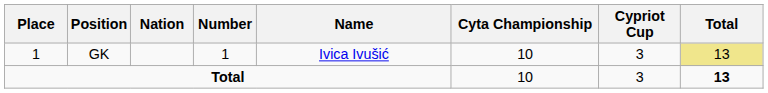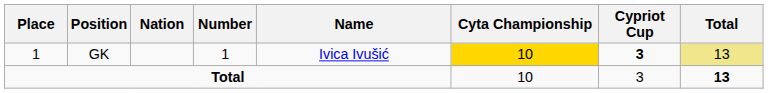 <table class="wikitable" style="font-size: 95%; text-align: center;">
 <tr>
 <th width=60>Place</th>
 <th width=60>Position</th>
 <th width=60>Nation</th>
 <th width=60>Number</th>
 <th width=200>Name</th>
 <th width=150>Cyta Championship</th>
 <th width=80>Cypriot Cup</th>
 <th width=80><strong>Total</strong></th>
 </tr>
 <tr>
 <td>1</td>
 <td>GK</td>
 <td></td>
 <td>1</td>
 <td><a href='#'>Ivica Ivušić</a></td>
-<td>10</td>
-<td>3</td>
+<td style="background: gold;">10</td>
+<td><strong>3</strong></td>
 <td style="background: khaki;">13</td>
 </tr>
 <tr>
 <td colspan="5"><strong>Total</strong></td>
 <td>10</td>
 <td>3</td>
 <td><strong>13</strong></td>
 </tr>
 </table>
